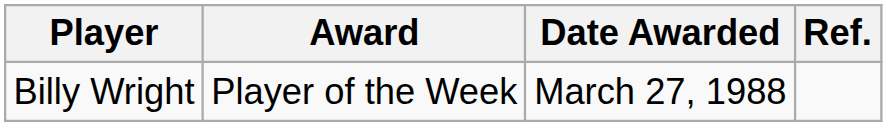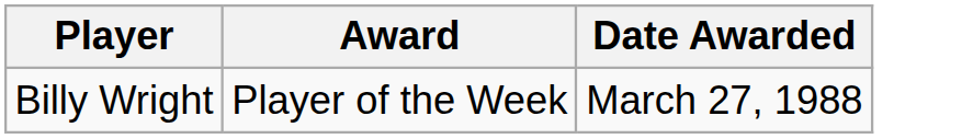 <table class="wikitable sortable sortable" style="text-align: center">
 <tr align=center>
 <th>Player</th>
 <th>Award</th>
 <th>Date Awarded</th>
-<th>Ref.</th>
 </tr>
 <tr>
 <td>Billy Wright</td>
 <td>Player of the Week</td>
 <td>March 27, 1988</td>
-<td></td>
 </tr>
 </table>
